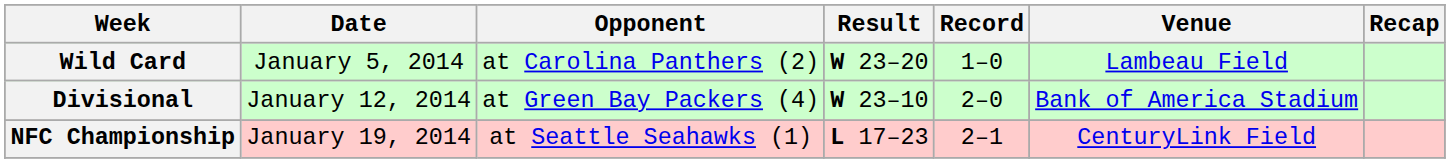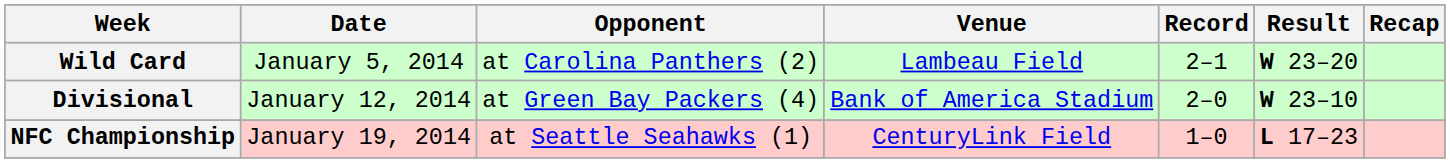 <table class="wikitable" style="text-align:center">
 <tr>
 <th>Week</th>
 <th>Date</th>
 <th>Opponent</th>
+<th>Venue</th>
+<th>Record</th>
 <th>Result</th>
-<th>Record</th>
-<th>Venue</th>
 <th>Recap</th>
 </tr>
 <tr style="background:#cfc">
 <th>Wild Card</th>
 <td>January 5, 2014</td>
 <td>at <a href='#'>Carolina Panthers</a> (2)</td>
+<td><a href='#'>Lambeau Field</a></td>
+<td>2–1</td>
 <td><strong>W</strong> 23–20</td>
-<td>1–0</td>
-<td><a href='#'>Lambeau Field</a></td>
 <td></td>
 </tr>
 <tr style="background:#cfc">
 <th>Divisional</th>
 <td>January 12, 2014</td>
 <td>at <a href='#'>Green Bay Packers</a> (4)</td>
+<td><a href='#'>Bank of America Stadium</a></td>
+<td>2–0</td>
 <td><strong>W</strong> 23–10</td>
-<td>2–0</td>
-<td><a href='#'>Bank of America Stadium</a></td>
 <td></td>
 </tr>
 <tr style="background:#fcc">
 <th>NFC Championship</th>
 <td>January 19, 2014</td>
 <td>at <a href='#'>Seattle Seahawks</a> (1)</td>
+<td><a href='#'>CenturyLink Field</a></td>
+<td>1–0</td>
 <td><strong>L</strong> 17–23</td>
-<td>2–1</td>
-<td><a href='#'>CenturyLink Field</a></td>
 <td></td>
 </tr>
 </table>
